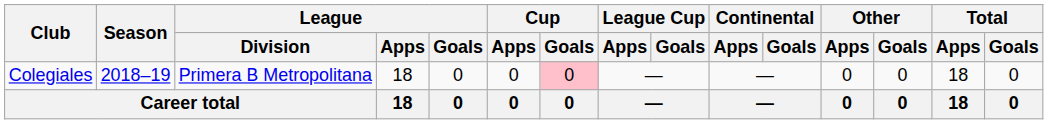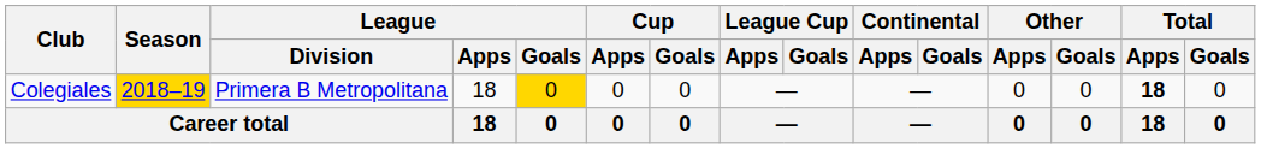 <table class="wikitable" style="text-align:center">
 <tr>
 <th rowspan="2">Club</th>
 <th rowspan="2">Season</th>
 <th colspan="3">League</th>
 <th colspan="2">Cup</th>
 <th colspan="2">League Cup</th>
 <th colspan="2">Continental</th>
 <th colspan="2">Other</th>
 <th colspan="2">Total</th>
 </tr>
 <tr>
 <th>Division</th>
 <th>Apps</th>
 <th>Goals</th>
 <th>Apps</th>
 <th>Goals</th>
 <th>Apps</th>
 <th>Goals</th>
 <th>Apps</th>
 <th>Goals</th>
 <th>Apps</th>
 <th>Goals</th>
 <th>Apps</th>
 <th>Goals</th>
 </tr>
 <tr>
 <td rowspan="1"><a href='#'>Colegiales</a></td>
-<td><a href='#'>2018–19</a></td>
+<td style="background: gold;"><a href='#'>2018–19</a></td>
 <td rowspan="1"><a href='#'>Primera B Metropolitana</a></td>
 <td>18</td>
+<td style="background: gold;">0</td>
 <td>0</td>
 <td>0</td>
-<td style="background: pink;">0</td>
 <td colspan="2">—</td>
 <td colspan="2">—</td>
 <td>0</td>
 <td>0</td>
-<td>18</td>
+<td><strong>18</strong></td>
 <td>0</td>
 </tr>
 <tr>
 <th colspan="3">Career total</th>
 <th>18</th>
 <th>0</th>
 <th>0</th>
 <th>0</th>
 <th colspan="2">—</th>
 <th colspan="2">—</th>
 <th>0</th>
 <th>0</th>
 <th>18</th>
 <th>0</th>
 </tr>
 </table>
